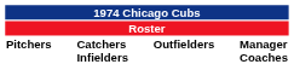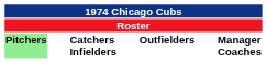 <table class="toccolours" style="font-size: 95%;">
 <tr>
 <th colspan="10" style="background-color: #0e3386; color: white; text-align: center;">1974 Chicago Cubs</th>
 </tr>
 <tr>
 <td colspan="10" style="background-color: #EE1422; color: white; text-align: center;"><strong>Roster</strong></td>
 </tr>
 <tr>
-<td valign="top"><strong>Pitchers</strong><br>             </td>
+<td valign="top" style="background: lightgreen;"><strong>Pitchers</strong><br>             </td>
 <td width="25px"></td>
 <td valign="top"><strong>Catchers</strong><br>     <strong>Infielders</strong>            </td>
 <td width="25px"></td>
 <td valign="top"><strong>Outfielders</strong><br>      </td>
 <td width="25px"></td>
 <td valign="top"><strong>Manager</strong><br>  <strong>Coaches</strong>     </td>
 </tr>
 <tr>
 </tr>
 </table>
